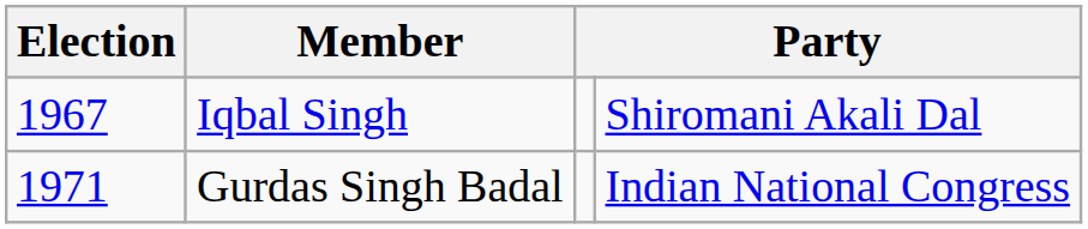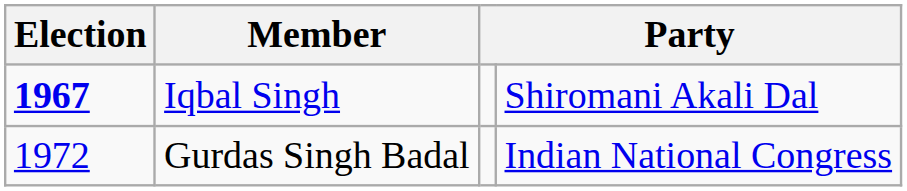 <table class="wikitable sortable">
 <tr>
 <th>Election</th>
 <th>Member</th>
 <th colspan="2">Party</th>
 </tr>
 <tr>
-<td><a href='#'>1967</a></td>
+<td><strong><a href='#'>1967</a></strong></td>
 <td><a href='#'>Iqbal Singh</a></td>
 <td style="background-color: "></td>
 <td><a href='#'>Shiromani Akali Dal</a></td>
 </tr>
 <tr>
-<td><a href='#'>1971</a></td>
+<td><a href='#'>1972</a></td>
 <td>Gurdas Singh Badal</td>
 <td style="background-color: "></td>
 <td><a href='#'>Indian National Congress</a></td>
 </tr>
 </table>
